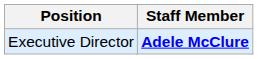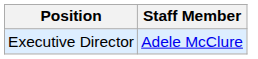 <table class="wikitable">
 <tr>
 <th>Position</th>
 <th>Staff Member</th>
 </tr>
 <tr bgcolor="#DDEEFF">
 <td>Executive Director</td>
-<td><strong><a href='#'>Adele McClure</a></strong></td>
+<td><a href='#'>Adele McClure</a></td>
 </tr>
 </table>
